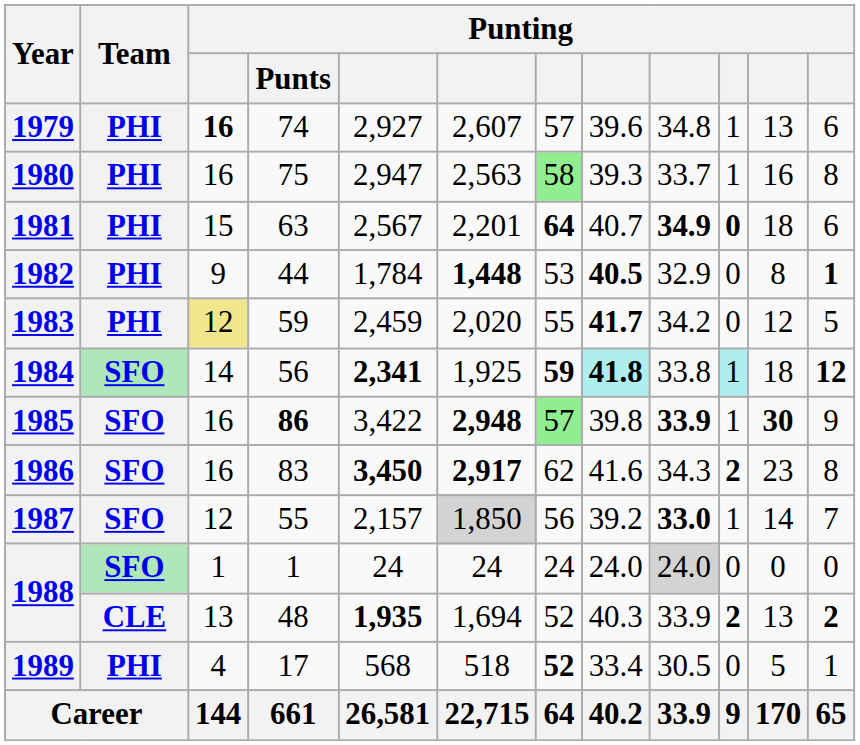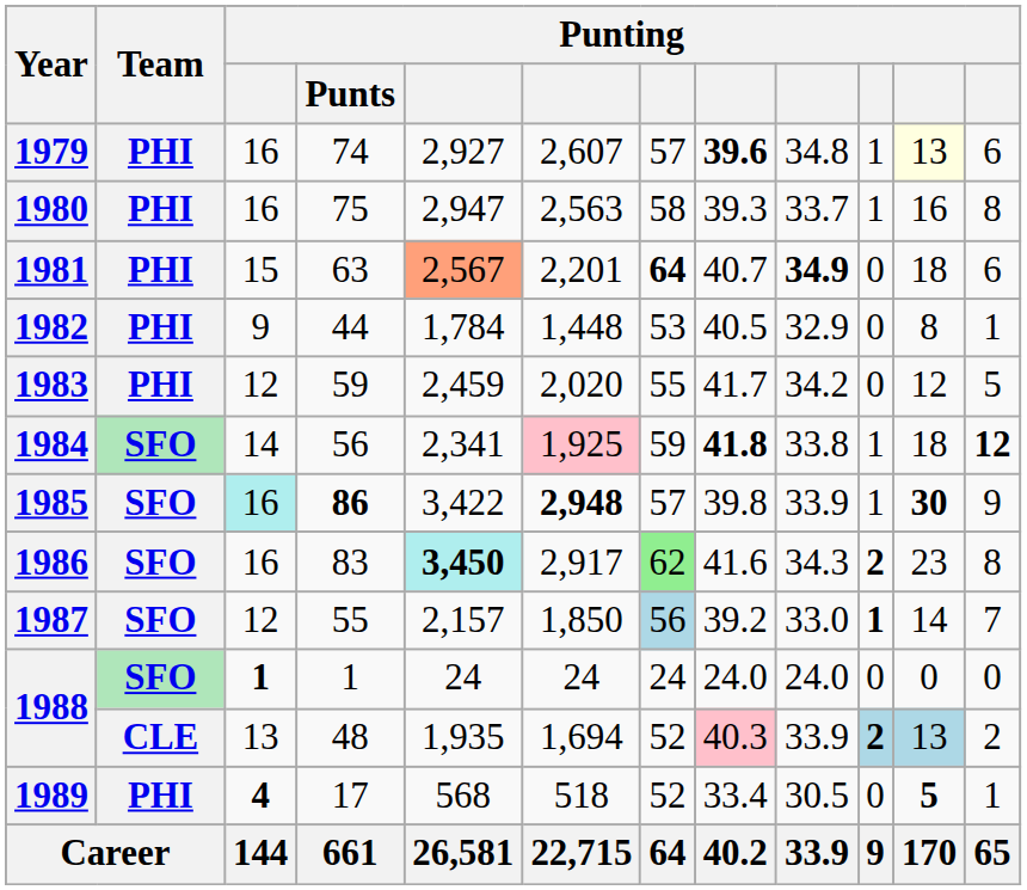 <table class=wikitable style="text-align:center;">
 <tr>
 <th rowspan="2">Year</th>
 <th rowspan="2">Team</th>
 <th colspan="10">Punting</th>
 </tr>
 <tr>
 <th></th>
 <th>Punts</th>
 <th></th>
 <th></th>
 <th></th>
 <th></th>
 <th></th>
 <th></th>
 <th></th>
 <th></th>
 </tr>
 <tr>
 <th><a href='#'>1979</a></th>
 <th><a href='#'>PHI</a></th>
-<td><strong>16</strong></td>
+<td>16</td>
 <td>74</td>
 <td>2,927</td>
 <td>2,607</td>
 <td>57</td>
-<td>39.6</td>
+<td><strong>39.6</strong></td>
 <td>34.8</td>
 <td>1</td>
-<td>13</td>
+<td style="background: lightyellow;">13</td>
 <td>6</td>
 </tr>
 <tr>
 <th><a href='#'>1980</a></th>
 <th><a href='#'>PHI</a></th>
 <td>16</td>
 <td>75</td>
 <td>2,947</td>
 <td>2,563</td>
-<td style="background: lightgreen;">58</td>
+<td>58</td>
 <td>39.3</td>
 <td>33.7</td>
 <td>1</td>
 <td>16</td>
 <td>8</td>
 </tr>
 <tr>
 <th><a href='#'>1981</a></th>
 <th><a href='#'>PHI</a></th>
 <td>15</td>
 <td>63</td>
-<td>2,567</td>
+<td style="background: lightsalmon;">2,567</td>
 <td>2,201</td>
 <td><strong>64</strong></td>
 <td>40.7</td>
 <td><strong>34.9</strong></td>
-<td><strong>0</strong></td>
+<td>0</td>
 <td>18</td>
 <td>6</td>
 </tr>
 <tr>
 <th><a href='#'>1982</a></th>
 <th><a href='#'>PHI</a></th>
 <td>9</td>
 <td>44</td>
 <td>1,784</td>
-<td><strong>1,448</strong></td>
+<td>1,448</td>
 <td>53</td>
-<td><strong>40.5</strong></td>
+<td>40.5</td>
 <td>32.9</td>
 <td>0</td>
 <td>8</td>
-<td><strong>1</strong></td>
+<td>1</td>
 </tr>
 <tr>
 <th><a href='#'>1983</a></th>
 <th><a href='#'>PHI</a></th>
-<td style="background: khaki;">12</td>
+<td>12</td>
 <td>59</td>
 <td>2,459</td>
 <td>2,020</td>
 <td>55</td>
-<td><strong>41.7</strong></td>
+<td>41.7</td>
 <td>34.2</td>
 <td>0</td>
 <td>12</td>
 <td>5</td>
 </tr>
 <tr>
 <th><a href='#'>1984</a></th>
 <th style="background:#afe6ba; width:3em;"><a href='#'>SFO</a></th>
 <td>14</td>
 <td>56</td>
-<td><strong>2,341</strong></td>
-<td>1,925</td>
-<td><strong>59</strong></td>
-<td style="background: paleturquoise;"><strong>41.8</strong></td>
+<td>2,341</td>
+<td style="background: pink;">1,925</td>
+<td>59</td>
+<td><strong>41.8</strong></td>
 <td>33.8</td>
-<td style="background: paleturquoise;">1</td>
+<td>1</td>
 <td>18</td>
 <td><strong>12</strong></td>
 </tr>
 <tr>
 <th><a href='#'>1985</a></th>
 <th><a href='#'>SFO</a></th>
-<td>16</td>
+<td style="background: paleturquoise;">16</td>
 <td><strong>86</strong></td>
 <td>3,422</td>
 <td><strong>2,948</strong></td>
-<td style="background: lightgreen;">57</td>
+<td>57</td>
 <td>39.8</td>
-<td><strong>33.9</strong></td>
+<td>33.9</td>
 <td>1</td>
 <td><strong>30</strong></td>
 <td>9</td>
 </tr>
 <tr>
 <th><a href='#'>1986</a></th>
 <th><a href='#'>SFO</a></th>
 <td>16</td>
 <td>83</td>
-<td><strong>3,450</strong></td>
-<td><strong>2,917</strong></td>
-<td>62</td>
+<td style="background: paleturquoise;"><strong>3,450</strong></td>
+<td>2,917</td>
+<td style="background: lightgreen;">62</td>
 <td>41.6</td>
 <td>34.3</td>
 <td><strong>2</strong></td>
 <td>23</td>
 <td>8</td>
 </tr>
 <tr>
 <th><a href='#'>1987</a></th>
 <th><a href='#'>SFO</a></th>
 <td>12</td>
 <td>55</td>
 <td>2,157</td>
-<td style="background: lightgrey;">1,850</td>
-<td>56</td>
+<td>1,850</td>
+<td style="background: lightblue;">56</td>
 <td>39.2</td>
-<td><strong>33.0</strong></td>
-<td>1</td>
+<td>33.0</td>
+<td><strong>1</strong></td>
 <td>14</td>
 <td>7</td>
 </tr>
 <tr>
 <th rowspan="2"><a href='#'>1988</a></th>
 <th style="background:#afe6ba; width:3em;"><a href='#'>SFO</a></th>
-<td>1</td>
+<td><strong>1</strong></td>
 <td>1</td>
 <td>24</td>
 <td>24</td>
 <td>24</td>
 <td>24.0</td>
-<td style="background: lightgrey;">24.0</td>
+<td>24.0</td>
 <td>0</td>
 <td>0</td>
 <td>0</td>
 </tr>
 <tr>
 <th><a href='#'>CLE</a></th>
 <td>13</td>
 <td>48</td>
-<td><strong>1,935</strong></td>
+<td>1,935</td>
 <td>1,694</td>
 <td>52</td>
-<td>40.3</td>
+<td style="background: pink;">40.3</td>
 <td>33.9</td>
-<td><strong>2</strong></td>
-<td>13</td>
-<td><strong>2</strong></td>
+<td style="background: lightblue;"><strong>2</strong></td>
+<td style="background: lightblue;">13</td>
+<td>2</td>
 </tr>
 <tr>
 <th><a href='#'>1989</a></th>
 <th><a href='#'>PHI</a></th>
-<td>4</td>
+<td><strong>4</strong></td>
 <td>17</td>
 <td>568</td>
 <td>518</td>
-<td><strong>52</strong></td>
+<td>52</td>
 <td>33.4</td>
 <td>30.5</td>
 <td>0</td>
-<td>5</td>
+<td><strong>5</strong></td>
 <td>1</td>
 </tr>
 <tr>
 <th colspan="2">Career</th>
 <th>144</th>
 <th>661</th>
 <th>26,581</th>
 <th>22,715</th>
 <th>64</th>
 <th>40.2</th>
 <th>33.9</th>
 <th>9</th>
 <th>170</th>
 <th>65</th>
 </tr>
 </table>
